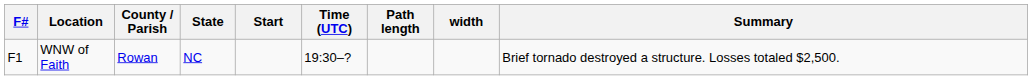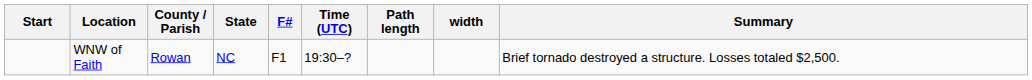 <table class="wikitable sortable" style="width:100%;">
 <tr>
-<th scope="col"  style="width:3%; text-align:center;"><a href='#'>F#</a></th>
+<th scope="col"  style="width:6%; text-align:center;">Start<br></th>
 <th scope="col"  style="width:7%; text-align:center;" class="unsortable">Location</th>
 <th scope="col"  style="width:6%; text-align:center;" class="unsortable">County / Parish</th>
 <th scope="col"  style="width:5%; text-align:center;">State</th>
-<th scope="col"  style="width:6%; text-align:center;">Start<br></th>
+<th scope="col"  style="width:3%; text-align:center;"><a href='#'>F#</a></th>
 <th scope="col"  style="width:6%; text-align:center;">Time (<a href='#'>UTC</a>)</th>
 <th scope="col"  style="width:6%; text-align:center;">Path length</th>
 <th scope="col"  style="width:6%; text-align:center;"> width</th>
 <th scope="col" class="unsortable" style="width:48%; text-align:center;">Summary</th>
 </tr>
 <tr>
-<td>F1</td>
+<td></td>
 <td>WNW of <a href='#'>Faith</a></td>
 <td><a href='#'>Rowan</a></td>
 <td><a href='#'>NC</a></td>
-<td></td>
+<td>F1</td>
 <td>19:30–?</td>
 <td></td>
 <td></td>
 <td>Brief tornado destroyed a  structure. Losses totaled $2,500.</td>
 </tr>
 </table>
